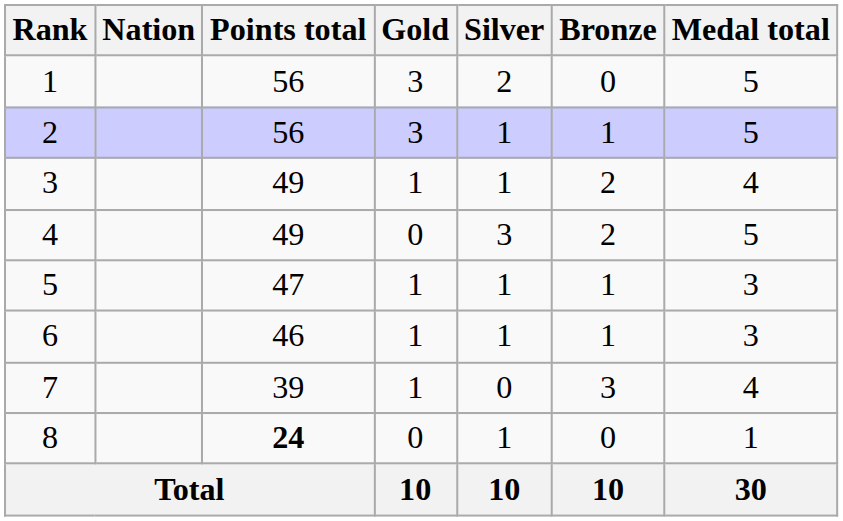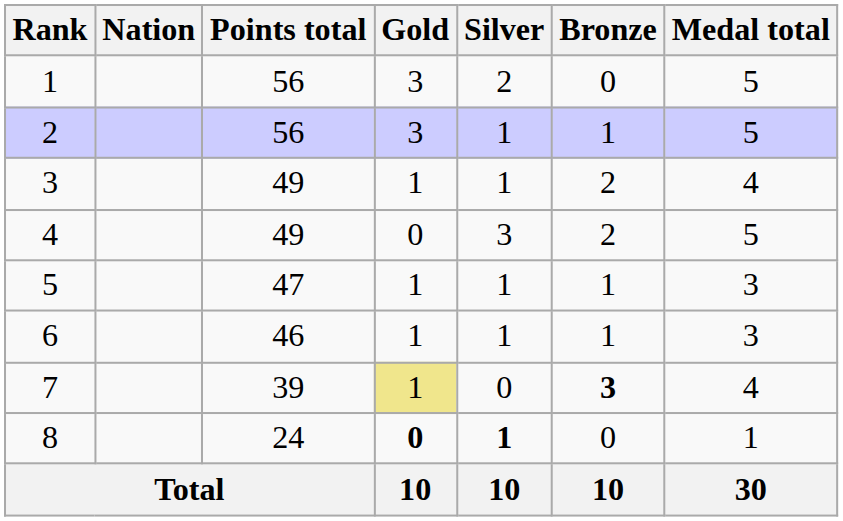 <table class=wikitable sortable style="text-align:center;">
 <tr>
 <th>Rank</th>
 <th>Nation</th>
 <th>Points total</th>
 <th>Gold</th>
 <th>Silver</th>
 <th>Bronze</th>
 <th>Medal total</th>
 </tr>
 <tr>
 <td>1</td>
 <td align=left></td>
 <td>56</td>
 <td>3</td>
 <td>2</td>
 <td>0</td>
 <td>5</td>
 </tr>
 <tr style="background-color:#ccccff">
 <td>2</td>
 <td align=left></td>
 <td>56</td>
 <td>3</td>
 <td>1</td>
 <td>1</td>
 <td>5</td>
 </tr>
 <tr>
 <td>3</td>
 <td align=left></td>
 <td>49</td>
 <td>1</td>
 <td>1</td>
 <td>2</td>
 <td>4</td>
 </tr>
 <tr>
 <td>4</td>
 <td align=left></td>
 <td>49</td>
 <td>0</td>
 <td>3</td>
 <td>2</td>
 <td>5</td>
 </tr>
 <tr>
 <td>5</td>
 <td align=left></td>
 <td>47</td>
 <td>1</td>
 <td>1</td>
 <td>1</td>
 <td>3</td>
 </tr>
 <tr>
 <td>6</td>
 <td align=left></td>
 <td>46</td>
 <td>1</td>
 <td>1</td>
 <td>1</td>
 <td>3</td>
 </tr>
 <tr>
 <td>7</td>
 <td align=left></td>
 <td>39</td>
-<td>1</td>
+<td style="background: khaki;">1</td>
 <td>0</td>
-<td>3</td>
+<td><strong>3</strong></td>
 <td>4</td>
 </tr>
 <tr>
 <td>8</td>
 <td align=left></td>
-<td><strong>24</strong></td>
-<td>0</td>
-<td>1</td>
+<td>24</td>
+<td><strong>0</strong></td>
+<td><strong>1</strong></td>
 <td>0</td>
 <td>1</td>
 </tr>
 <tr class="sortbottom">
 <th colspan=3>Total</th>
 <th>10</th>
 <th>10</th>
 <th>10</th>
 <th>30</th>
 </tr>
 </table>
